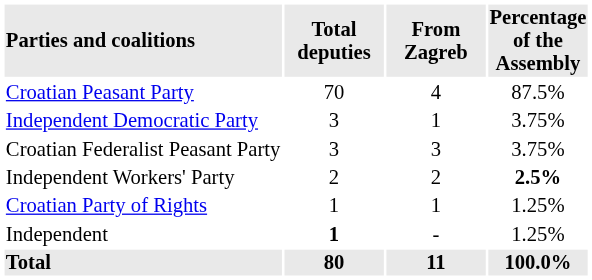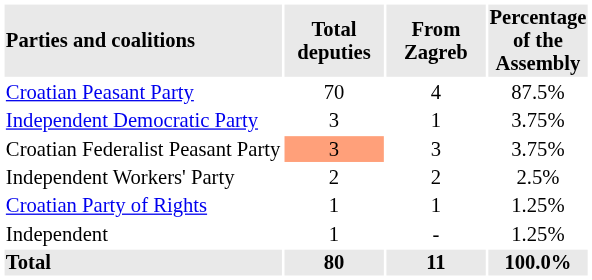 <table>
 <tr>
 <th colspan=2 style="background-color:#E9E9E9" align=left>Parties and coalitions</th>
 <th style="background-color:#E9E9E9" align=center>Total deputies</th>
 <th style="background-color:#E9E9E9" align=center>From Zagreb</th>
 <th style="background-color:#E9E9E9" align=center>Percentage of the Assembly</th>
 </tr>
 <tr>
 <td align=left colspan=2><a href='#'>Croatian Peasant Party</a></td>
 <td align="center">70</td>
 <td align="center">4</td>
 <td align="center">87.5%</td>
 </tr>
 <tr>
 <td align=left colspan=2><a href='#'>Independent Democratic Party</a></td>
 <td align="center">3</td>
 <td align="center">1</td>
 <td align="center">3.75%</td>
 </tr>
 <tr>
 <td align=left colspan=2>Croatian Federalist Peasant Party</td>
-<td align="center">3</td>
+<td align="center" style="background: lightsalmon;">3</td>
 <td align="center">3</td>
 <td align="center">3.75%</td>
 </tr>
 <tr>
 <td align=left colspan=2>Independent Workers' Party</td>
 <td align="center">2</td>
 <td align="center">2</td>
-<td align="center"><strong>2.5%</strong></td>
+<td align="center">2.5%</td>
 </tr>
 <tr>
 <td align=left colspan=2><a href='#'>Croatian Party of Rights</a></td>
 <td align="center">1</td>
 <td align="center">1</td>
 <td align="center">1.25%</td>
 </tr>
 <tr>
 <td align=left colspan=2>Independent</td>
-<td align="center"><strong>1</strong></td>
+<td align="center">1</td>
 <td align="center">-</td>
 <td align="center">1.25%</td>
 </tr>
 <tr>
 <td align=left colspan=2 style="background-color:#E9E9E9"><strong>Total</strong></td>
 <td width="75" align="center" style="background-color:#E9E9E9"><strong>80</strong></td>
 <td width="75" align="center" style="background-color:#E9E9E9"><strong>11</strong></td>
 <td width="75" align="center" style="background-color:#E9E9E9"><strong>100.0%</strong></td>
 </tr>
 <tr>
 <td></td>
 </tr>
 </table>
